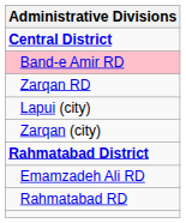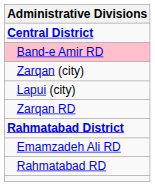 <table class="wikitable">
 <tr>
 <th>Administrative Divisions</th>
 </tr>
 <tr>
 <td><strong><a href='#'>Central District</a></strong></td>
 </tr>
 <tr>
 <td style="background: pink; padding-left: 1em;"><a href='#'>Band-e Amir RD</a></td>
 </tr>
 <tr>
-<td style="padding-left: 1em;"><a href='#'>Zarqan RD</a></td>
+<td style="padding-left: 1em;"><a href='#'>Zarqan</a> (city)</td>
 </tr>
 <tr>
 <td style="padding-left: 1em;"><a href='#'>Lapui</a> (city)</td>
 </tr>
 <tr>
-<td style="padding-left: 1em;"><a href='#'>Zarqan</a> (city)</td>
+<td style="padding-left: 1em;"><a href='#'>Zarqan RD</a></td>
 </tr>
 <tr>
 <td><strong><a href='#'>Rahmatabad District</a></strong></td>
 </tr>
 <tr>
 <td style="padding-left: 1em;"><a href='#'>Emamzadeh Ali RD</a></td>
 </tr>
 <tr>
 <td style="padding-left: 1em;"><a href='#'>Rahmatabad RD</a></td>
 </tr>
 <tr>
 <td colspan=1></td>
 </tr>
 </table>
